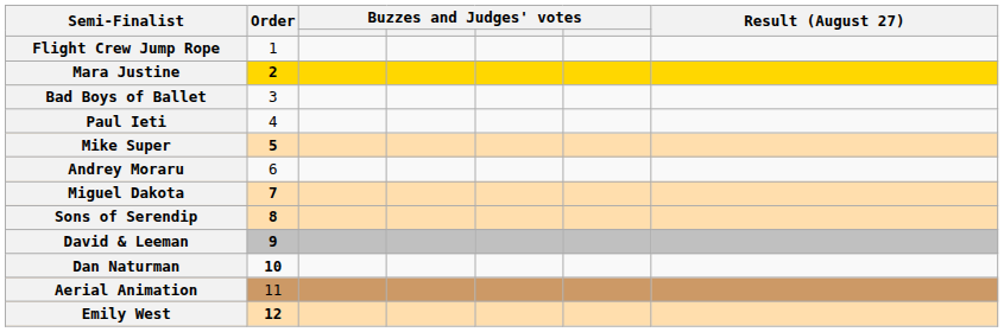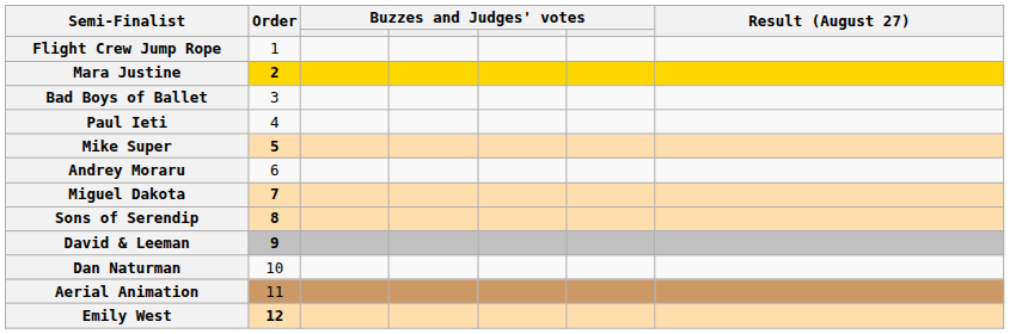 <table class="wikitable plainrowheaders sortable" style="text-align:center;">
 <tr>
 <th scope="col" rowspan="2" class="unsortable" style="width:17em;">Semi-Finalist</th>
 <th scope="col" rowspan="2" style="width:1em;">Order</th>
 <th scope="col" colspan="4" class="unsortable" style="width:24em;">Buzzes and Judges' votes</th>
 <th scope="col" rowspan="2" style="width:25em;">Result (August 27)</th>
 </tr>
 <tr>
 <th scope="col" class="unsortable" style="width:6em;"></th>
 <th scope="col" class="unsortable" style="width:6em;"></th>
 <th scope="col" class="unsortable" style="width:6em;"></th>
 <th scope="col" class="unsortable" style="width:6em;"></th>
 </tr>
 <tr>
 <th scope="row">Flight Crew Jump Rope</th>
 <td>1</td>
 <td style="text-align:center;"></td>
 <td style="text-align:center;"></td>
 <td style="text-align:center;"></td>
 <td style="text-align:center;"></td>
 <td></td>
 </tr>
 <tr style="background:gold">
 <th scope="row"><strong>Mara Justine</strong></th>
 <td><strong>2</strong></td>
 <td style="text-align:center;"></td>
 <td style="text-align:center;"></td>
 <td style="text-align:center;"></td>
 <td style="text-align:center;"></td>
 <td><strong></strong></td>
 </tr>
 <tr>
 <th scope="row">Bad Boys of Ballet</th>
 <td>3</td>
 <td style="text-align:center;"></td>
 <td style="text-align:center;"></td>
 <td style="text-align:center;"></td>
 <td style="text-align:center;"></td>
 <td></td>
 </tr>
 <tr>
 <th scope="row">Paul Ieti</th>
 <td>4</td>
 <td style="text-align:center;"></td>
 <td style="text-align:center;"></td>
 <td style="text-align:center;"></td>
 <td style="text-align:center;"></td>
 <td></td>
 </tr>
 <tr style="background:NavajoWhite">
 <th scope="row"><strong>Mike Super</strong></th>
 <td><strong>5</strong></td>
 <td style="text-align:center;"></td>
 <td style="text-align:center;"></td>
 <td style="text-align:center;"></td>
 <td style="text-align:center;"></td>
 <td><strong></strong></td>
 </tr>
 <tr>
 <th scope="row">Andrey Moraru</th>
 <td>6</td>
 <td style="text-align:center;"></td>
 <td style="text-align:center;"></td>
 <td style="text-align:center;"></td>
 <td style="text-align:center;"></td>
 <td></td>
 </tr>
 <tr style="background:NavajoWhite">
 <th scope="row"><strong>Miguel Dakota</strong></th>
 <td><strong>7</strong></td>
 <td style="text-align:center;"></td>
 <td style="text-align:center;"></td>
 <td style="text-align:center;"></td>
 <td style="text-align:center;"></td>
 <td><strong></strong></td>
 </tr>
 <tr style="background:NavajoWhite">
 <th scope="row"><strong>Sons of Serendip</strong></th>
 <td><strong>8</strong></td>
 <td style="text-align:center;"></td>
 <td style="text-align:center;"></td>
 <td style="text-align:center;"></td>
 <td style="text-align:center;"></td>
 <td><strong></strong></td>
 </tr>
 <tr style="background:silver">
 <th scope="row"><strong>David & Leeman</strong></th>
 <td><strong>9</strong></td>
 <td style="text-align:center;"></td>
 <td style="text-align:center;"></td>
 <td style="text-align:center;"></td>
 <td style="text-align:center;"></td>
 <td><strong></strong></td>
 </tr>
 <tr>
 <th scope="row">Dan Naturman</th>
-<td><strong>10</strong></td>
+<td>10</td>
 <td style="text-align:center;"></td>
 <td style="text-align:center;"></td>
 <td style="text-align:center;"></td>
 <td style="text-align:center;"></td>
 <td></td>
 </tr>
 <tr style="background:#c96">
 <th scope="row">Aerial Animation</th>
 <td>11</td>
 <td style="text-align:center;"></td>
 <td></td>
 <td style="text-align:center;"></td>
 <td style="text-align:center;"></td>
 <td></td>
 </tr>
 <tr style="background:NavajoWhite">
 <th scope="row"><strong>Emily West</strong></th>
 <td><strong>12</strong></td>
 <td style="text-align:center;"></td>
 <td style="text-align:center;"></td>
 <td style="text-align:center;"></td>
 <td style="text-align:center;"></td>
 <td><strong></strong></td>
 </tr>
 </table>
